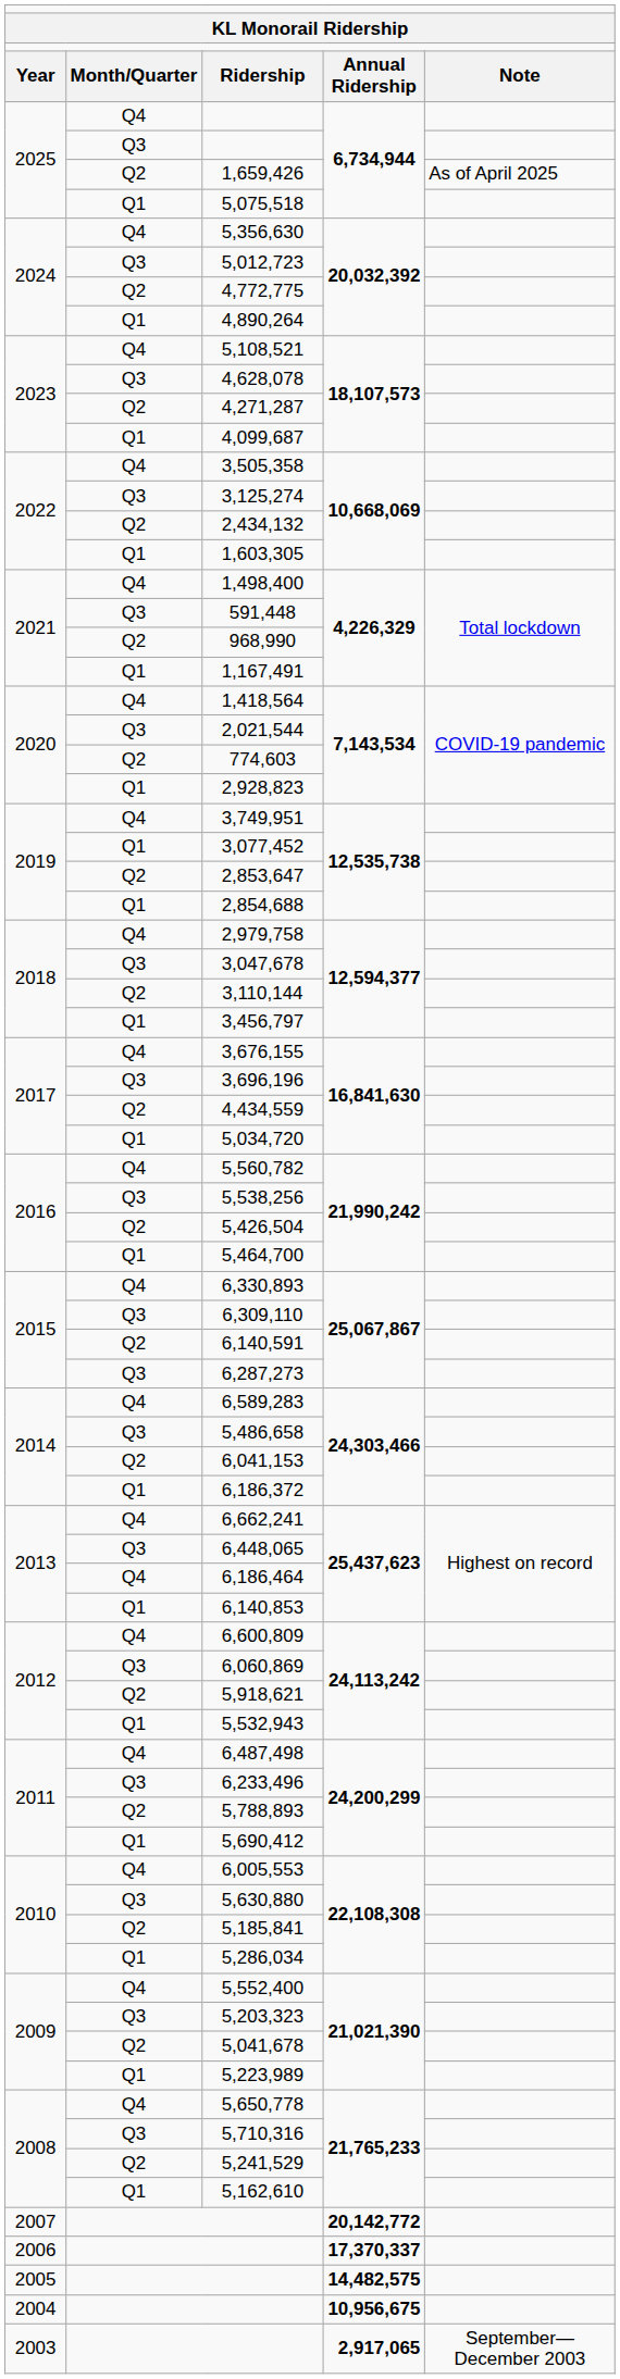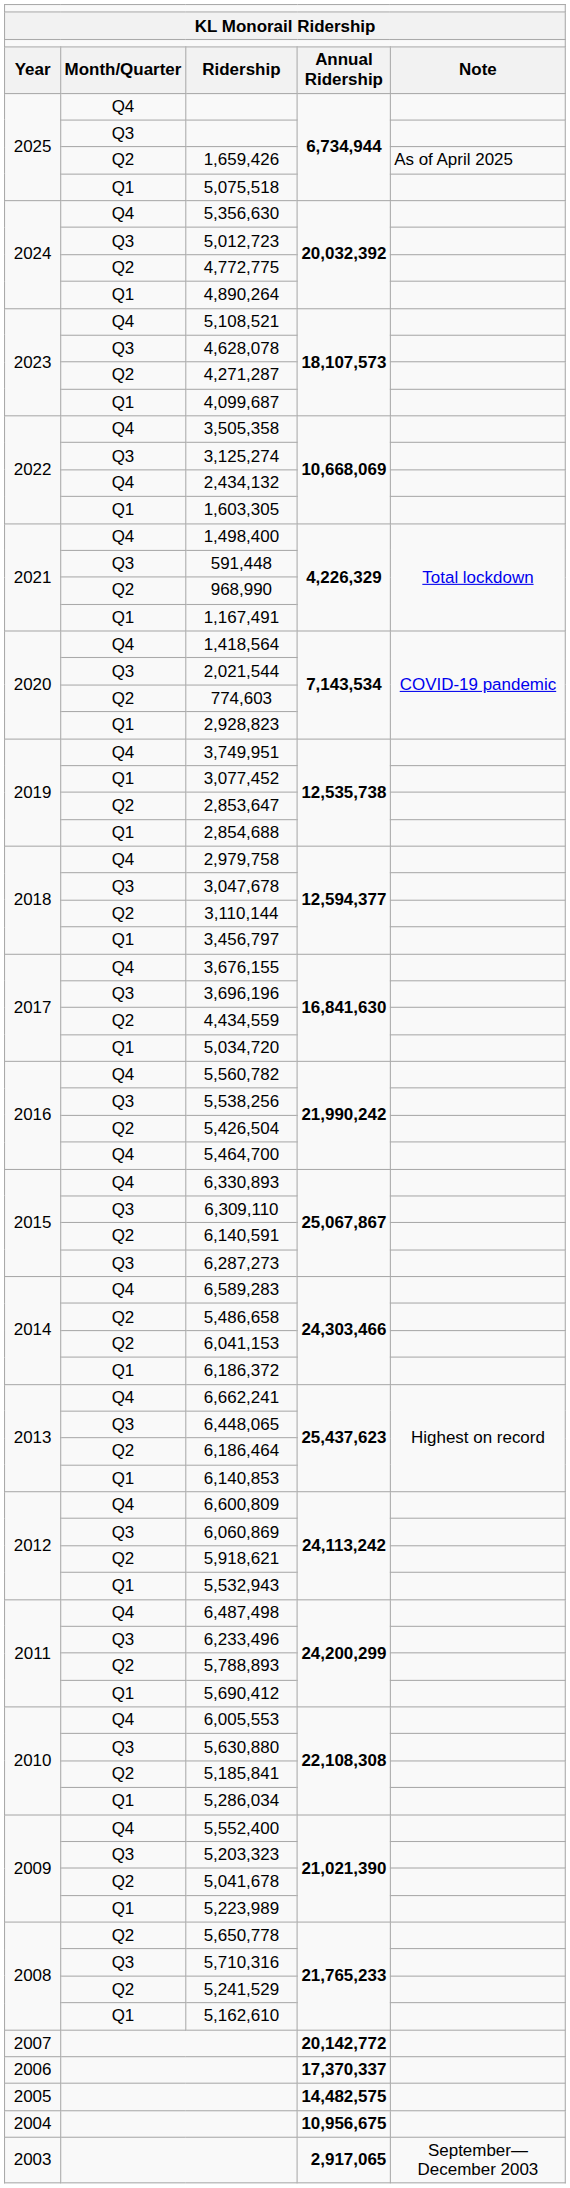 <table class="wikitable" style="width:60%">
 <tr>
 <td colspan="5" align="center"></td>
 </tr>
 <tr>
 <th colspan="5" align="center">KL Monorail Ridership</th>
 </tr>
 <tr>
 <td colspan="5" align="center"></td>
 </tr>
 <tr>
 <th style="width:10%">Year</th>
 <th style="width:10%">Month/Quarter</th>
 <th style="width:20%">Ridership</th>
 <th style="width:10%">Annual Ridership</th>
 <th>Note</th>
 </tr>
 <tr>
 <td rowspan="4" align="center">2025</td>
 <td align="center">Q4</td>
 <td align="center"></td>
 <td rowspan="4" align="center"><strong>6,734,944</strong></td>
 <td></td>
 </tr>
 <tr>
 <td align="center">Q3</td>
 <td align="center"></td>
 <td></td>
 </tr>
 <tr>
 <td align="center">Q2</td>
 <td align="center">1,659,426</td>
 <td>As of April 2025</td>
 </tr>
 <tr>
 <td align="center">Q1</td>
 <td align="center">5,075,518</td>
 <td></td>
 </tr>
 <tr>
 <td rowspan="4" align="center">2024</td>
 <td align="center">Q4</td>
 <td align="center">5,356,630</td>
 <td rowspan="4" align="center"><strong>20,032,392</strong></td>
 <td></td>
 </tr>
 <tr>
 <td align="center">Q3</td>
 <td align="center">5,012,723</td>
 <td></td>
 </tr>
 <tr>
 <td align="center">Q2</td>
 <td align="center">4,772,775</td>
 <td></td>
 </tr>
 <tr>
 <td align="center">Q1</td>
 <td align="center">4,890,264</td>
 <td></td>
 </tr>
 <tr>
 <td rowspan="4" align="center">2023</td>
 <td align="center">Q4</td>
 <td align="center">5,108,521</td>
 <td rowspan="4" align="center"><strong>18,107,573</strong></td>
 <td></td>
 </tr>
 <tr>
 <td align="center">Q3</td>
 <td align="center">4,628,078</td>
 <td></td>
 </tr>
 <tr>
 <td align="center">Q2</td>
 <td align="center">4,271,287</td>
 <td></td>
 </tr>
 <tr>
 <td align="center">Q1</td>
 <td align="center">4,099,687</td>
 <td></td>
 </tr>
 <tr>
 <td rowspan="4" align="center">2022</td>
 <td align="center">Q4</td>
 <td align="center">3,505,358</td>
 <td rowspan="4" align="center"><strong>10,668,069</strong></td>
 <td></td>
 </tr>
 <tr>
 <td align="center">Q3</td>
 <td align="center">3,125,274</td>
 <td></td>
 </tr>
 <tr>
-<td align="center">Q2</td>
+<td align="center">Q4</td>
 <td align="center">2,434,132</td>
 <td></td>
 </tr>
 <tr>
 <td align="center">Q1</td>
 <td align="center">1,603,305</td>
 <td></td>
 </tr>
 <tr>
 <td rowspan="4" align="center">2021</td>
 <td align="center">Q4</td>
 <td align="center">1,498,400</td>
 <td rowspan="4" align="center"><strong>4,226,329</strong></td>
 <td rowspan="4" align="center"><a href='#'>Total lockdown</a></td>
 </tr>
 <tr>
 <td align="center">Q3</td>
 <td align="center">591,448</td>
 </tr>
 <tr>
 <td align="center">Q2</td>
 <td align="center">968,990</td>
 </tr>
 <tr>
 <td align="center">Q1</td>
 <td align="center">1,167,491</td>
 </tr>
 <tr>
 <td rowspan="4" align="center">2020</td>
 <td align="center">Q4</td>
 <td align="center">1,418,564</td>
 <td rowspan="4" align="center"><strong>7,143,534</strong></td>
 <td rowspan="4" align="center"><a href='#'>COVID-19 pandemic</a></td>
 </tr>
 <tr>
 <td align="center">Q3</td>
 <td align="center">2,021,544</td>
 </tr>
 <tr>
 <td align="center">Q2</td>
 <td align="center">774,603</td>
 </tr>
 <tr>
 <td align="center">Q1</td>
 <td align="center">2,928,823</td>
 </tr>
 <tr>
 <td rowspan="4" align="center">2019</td>
 <td align="center">Q4</td>
 <td align="center">3,749,951</td>
 <td rowspan="4" align="center"><strong>12,535,738</strong></td>
 <td></td>
 </tr>
 <tr>
 <td align="center">Q1</td>
 <td align="center">3,077,452</td>
 <td></td>
 </tr>
 <tr>
 <td align="center">Q2</td>
 <td align="center">2,853,647</td>
 <td></td>
 </tr>
 <tr>
 <td align="center">Q1</td>
 <td align="center">2,854,688</td>
 <td></td>
 </tr>
 <tr>
 <td rowspan="4" align="center">2018</td>
 <td align="center">Q4</td>
 <td align="center">2,979,758</td>
 <td rowspan="4" align="center"><strong>12,594,377</strong></td>
 <td></td>
 </tr>
 <tr>
 <td align="center">Q3</td>
 <td align="center">3,047,678</td>
 <td></td>
 </tr>
 <tr>
 <td align="center">Q2</td>
 <td align="center">3,110,144</td>
 <td></td>
 </tr>
 <tr>
 <td align="center">Q1</td>
 <td align="center">3,456,797</td>
 <td></td>
 </tr>
 <tr>
 <td rowspan="4" align="center">2017</td>
 <td align="center">Q4</td>
 <td align="center">3,676,155</td>
 <td rowspan="4" align="center"><strong>16,841,630</strong></td>
 <td></td>
 </tr>
 <tr>
 <td align="center">Q3</td>
 <td align="center">3,696,196</td>
 <td></td>
 </tr>
 <tr>
 <td align="center">Q2</td>
 <td align="center">4,434,559</td>
 <td></td>
 </tr>
 <tr>
 <td align="center">Q1</td>
 <td align="center">5,034,720</td>
 <td></td>
 </tr>
 <tr>
 <td rowspan="4" align="center">2016</td>
 <td align="center">Q4</td>
 <td align="center">5,560,782</td>
 <td rowspan="4" align="center"><strong>21,990,242</strong></td>
 <td></td>
 </tr>
 <tr>
 <td align="center">Q3</td>
 <td align="center">5,538,256</td>
 <td></td>
 </tr>
 <tr>
 <td align="center">Q2</td>
 <td align="center">5,426,504</td>
 <td></td>
 </tr>
 <tr>
-<td align="center">Q1</td>
+<td align="center">Q4</td>
 <td align="center">5,464,700</td>
 <td></td>
 </tr>
 <tr>
 <td rowspan="4" align="center">2015</td>
 <td align="center">Q4</td>
 <td align="center">6,330,893</td>
 <td rowspan="4" align="center"><strong>25,067,867</strong></td>
 <td></td>
 </tr>
 <tr>
 <td align="center">Q3</td>
 <td align="center">6,309,110</td>
 <td></td>
 </tr>
 <tr>
 <td align="center">Q2</td>
 <td align="center">6,140,591</td>
 <td></td>
 </tr>
 <tr>
 <td align="center">Q3</td>
 <td align="center">6,287,273</td>
 <td></td>
 </tr>
 <tr>
 <td rowspan="4" align="center">2014</td>
 <td align="center">Q4</td>
 <td align="center">6,589,283</td>
 <td rowspan="4" align="center"><strong>24,303,466</strong></td>
 <td></td>
 </tr>
 <tr>
-<td align="center">Q3</td>
+<td align="center">Q2</td>
 <td align="center">5,486,658</td>
 <td></td>
 </tr>
 <tr>
 <td align="center">Q2</td>
 <td align="center">6,041,153</td>
 <td></td>
 </tr>
 <tr>
 <td align="center">Q1</td>
 <td align="center">6,186,372</td>
 <td></td>
 </tr>
 <tr>
 <td rowspan="4" align="center">2013</td>
 <td align="center">Q4</td>
 <td align="center">6,662,241</td>
 <td rowspan="4" align="center"><strong>25,437,623</strong></td>
 <td rowspan="4" align="center">Highest on record</td>
 </tr>
 <tr>
 <td align="center">Q3</td>
 <td align="center">6,448,065</td>
 </tr>
 <tr>
-<td align="center">Q4</td>
+<td align="center">Q2</td>
 <td align="center">6,186,464</td>
 </tr>
 <tr>
 <td align="center">Q1</td>
 <td align="center">6,140,853</td>
 </tr>
 <tr>
 <td rowspan="4" align="center">2012</td>
 <td align="center">Q4</td>
 <td align="center">6,600,809</td>
 <td rowspan="4" align="center"><strong>24,113,242</strong></td>
 <td></td>
 </tr>
 <tr>
 <td align="center">Q3</td>
 <td align="center">6,060,869</td>
 <td></td>
 </tr>
 <tr>
 <td align="center">Q2</td>
 <td align="center">5,918,621</td>
 <td></td>
 </tr>
 <tr>
 <td align="center">Q1</td>
 <td align="center">5,532,943</td>
 <td></td>
 </tr>
 <tr>
 <td rowspan="4" align="center">2011</td>
 <td align="center">Q4</td>
 <td align="center">6,487,498</td>
 <td rowspan="4" align="center"><strong>24,200,299</strong></td>
 <td></td>
 </tr>
 <tr>
 <td align="center">Q3</td>
 <td align="center">6,233,496</td>
 <td></td>
 </tr>
 <tr>
 <td align="center">Q2</td>
 <td align="center">5,788,893</td>
 <td></td>
 </tr>
 <tr>
 <td align="center">Q1</td>
 <td align="center">5,690,412</td>
 <td></td>
 </tr>
 <tr>
 <td rowspan="4" align="center">2010</td>
 <td align="center">Q4</td>
 <td align="center">6,005,553</td>
 <td rowspan="4" align="center"><strong>22,108,308</strong></td>
 <td></td>
 </tr>
 <tr>
 <td align="center">Q3</td>
 <td align="center">5,630,880</td>
 <td></td>
 </tr>
 <tr>
 <td align="center">Q2</td>
 <td align="center">5,185,841</td>
 <td></td>
 </tr>
 <tr>
 <td align="center">Q1</td>
 <td align="center">5,286,034</td>
 <td></td>
 </tr>
 <tr>
 <td rowspan="4" align="center">2009</td>
 <td align="center">Q4</td>
 <td align="center">5,552,400</td>
 <td rowspan="4" align="center"><strong>21,021,390</strong></td>
 <td></td>
 </tr>
 <tr>
 <td align="center">Q3</td>
 <td align="center">5,203,323</td>
 <td></td>
 </tr>
 <tr>
 <td align="center">Q2</td>
 <td align="center">5,041,678</td>
 <td></td>
 </tr>
 <tr>
 <td align="center">Q1</td>
 <td align="center">5,223,989</td>
 <td></td>
 </tr>
 <tr>
 <td rowspan="4" align="center">2008</td>
-<td align="center">Q4</td>
+<td align="center">Q2</td>
 <td align="center">5,650,778</td>
 <td rowspan="4" align="center"><strong>21,765,233</strong></td>
 <td></td>
 </tr>
 <tr>
 <td align="center">Q3</td>
 <td align="center">5,710,316</td>
 <td></td>
 </tr>
 <tr>
 <td align="center">Q2</td>
 <td align="center">5,241,529</td>
 <td></td>
 </tr>
 <tr>
 <td align="center">Q1</td>
 <td align="center">5,162,610</td>
 <td></td>
 </tr>
 <tr>
 <td align="center">2007</td>
 <td colspan="2"></td>
 <td><strong>20,142,772</strong></td>
 <td></td>
 </tr>
 <tr>
 <td align="center">2006</td>
 <td colspan="2"></td>
 <td><strong>17,370,337</strong></td>
 <td></td>
 </tr>
 <tr>
 <td align="center">2005</td>
 <td colspan="2"></td>
 <td><strong>14,482,575</strong></td>
 <td></td>
 </tr>
 <tr>
 <td align="center">2004</td>
 <td colspan="2"></td>
 <td><strong>10,956,675</strong></td>
 <td></td>
 </tr>
 <tr>
 <td align="center">2003</td>
 <td colspan="2"></td>
 <td align="right"><strong>2,917,065</strong></td>
 <td align="center">September—December 2003</td>
 </tr>
 </table>
